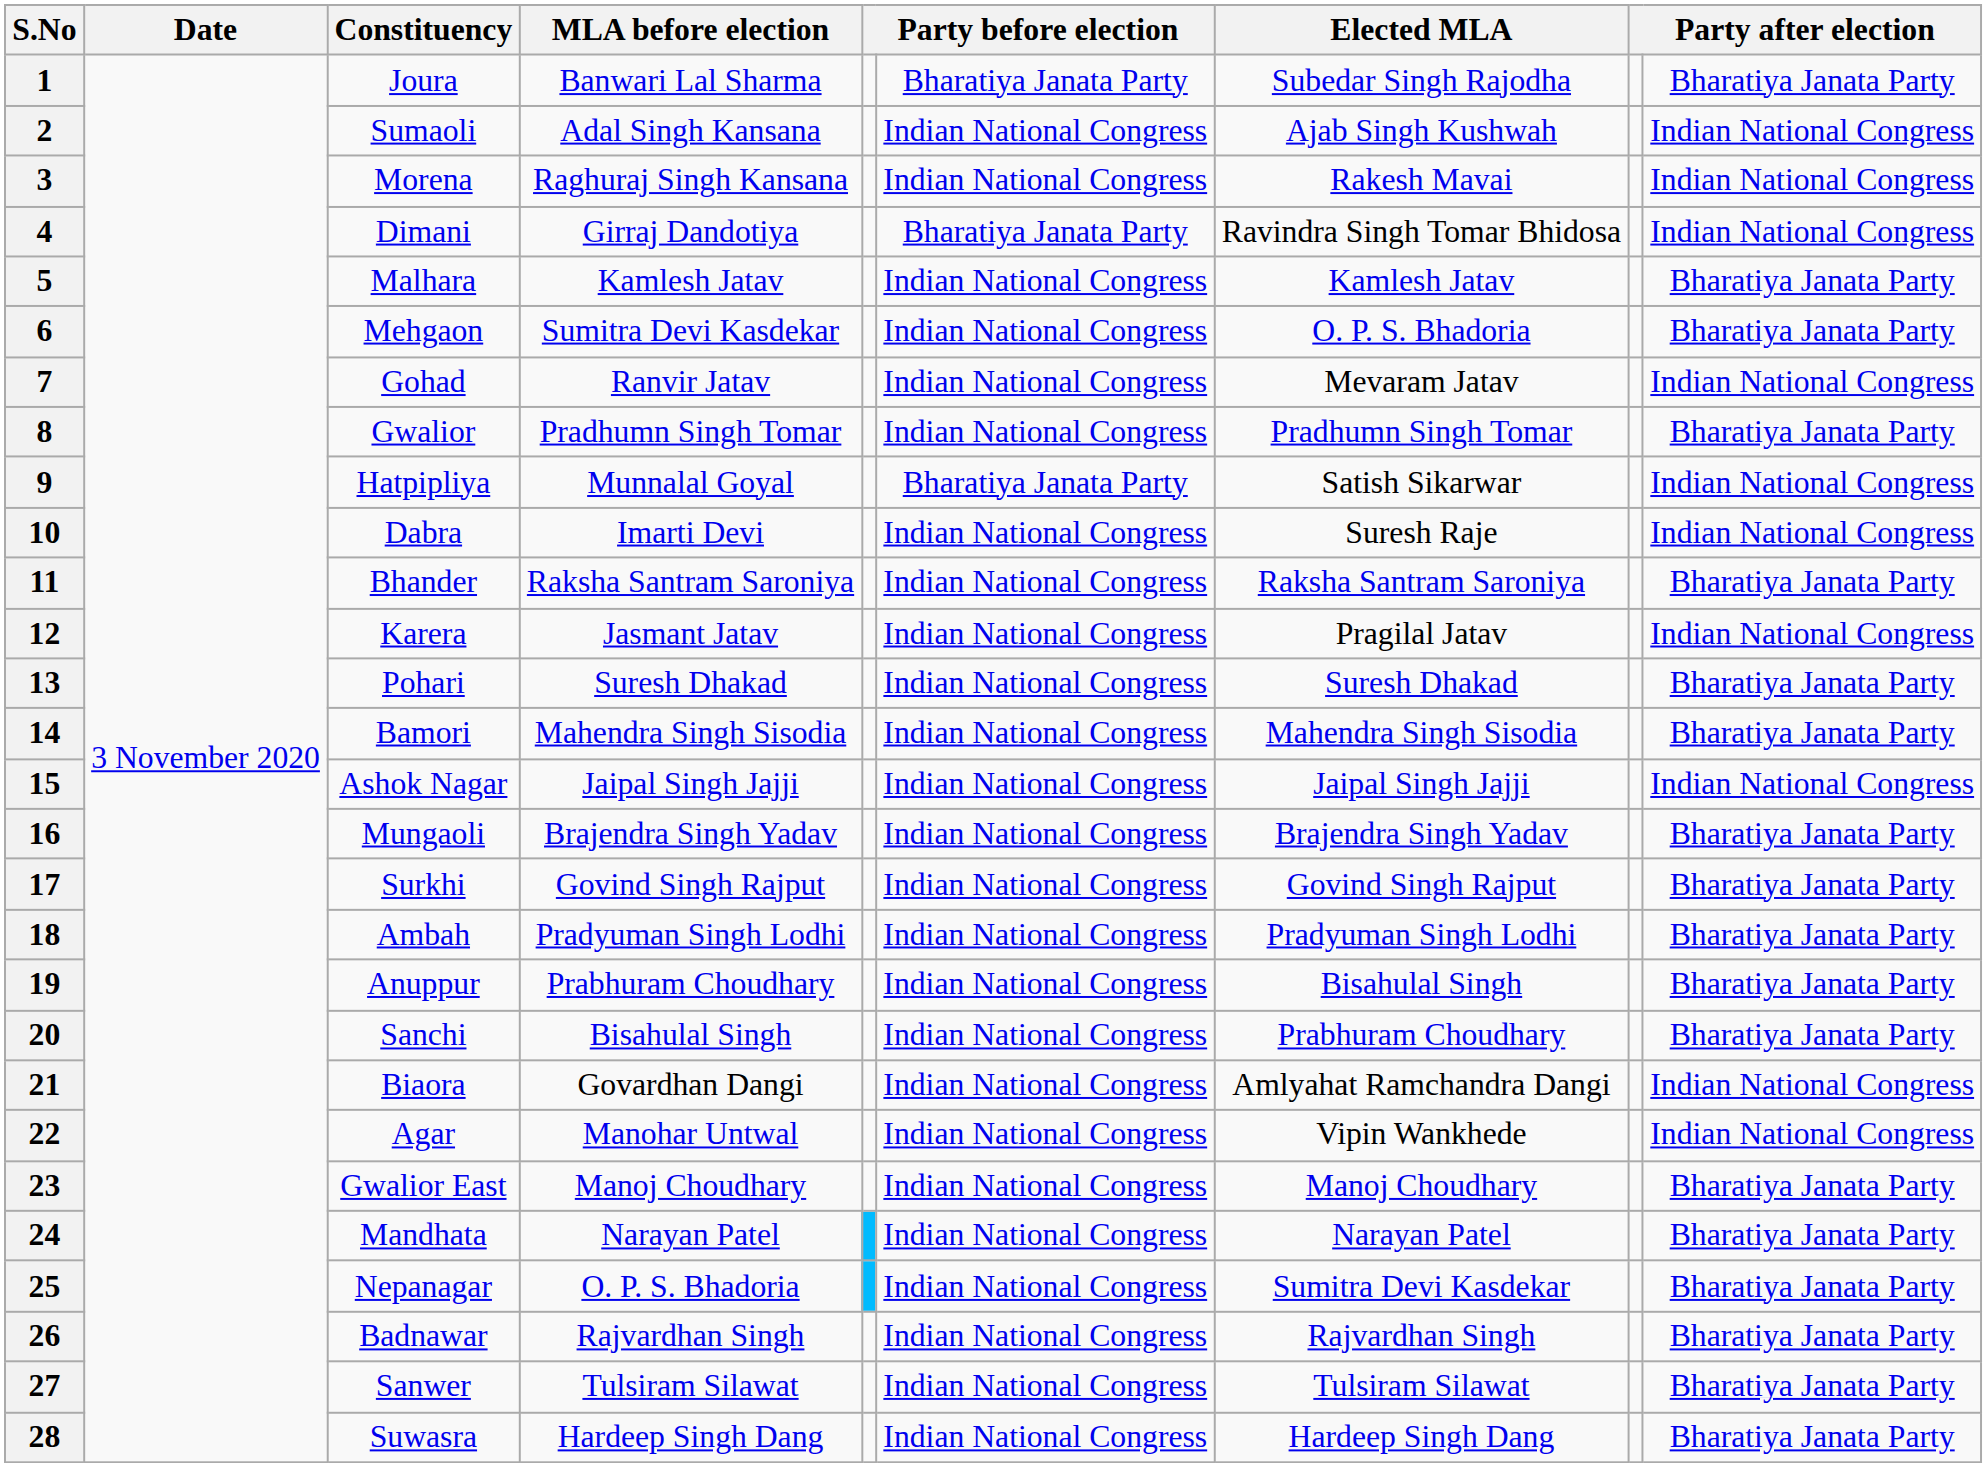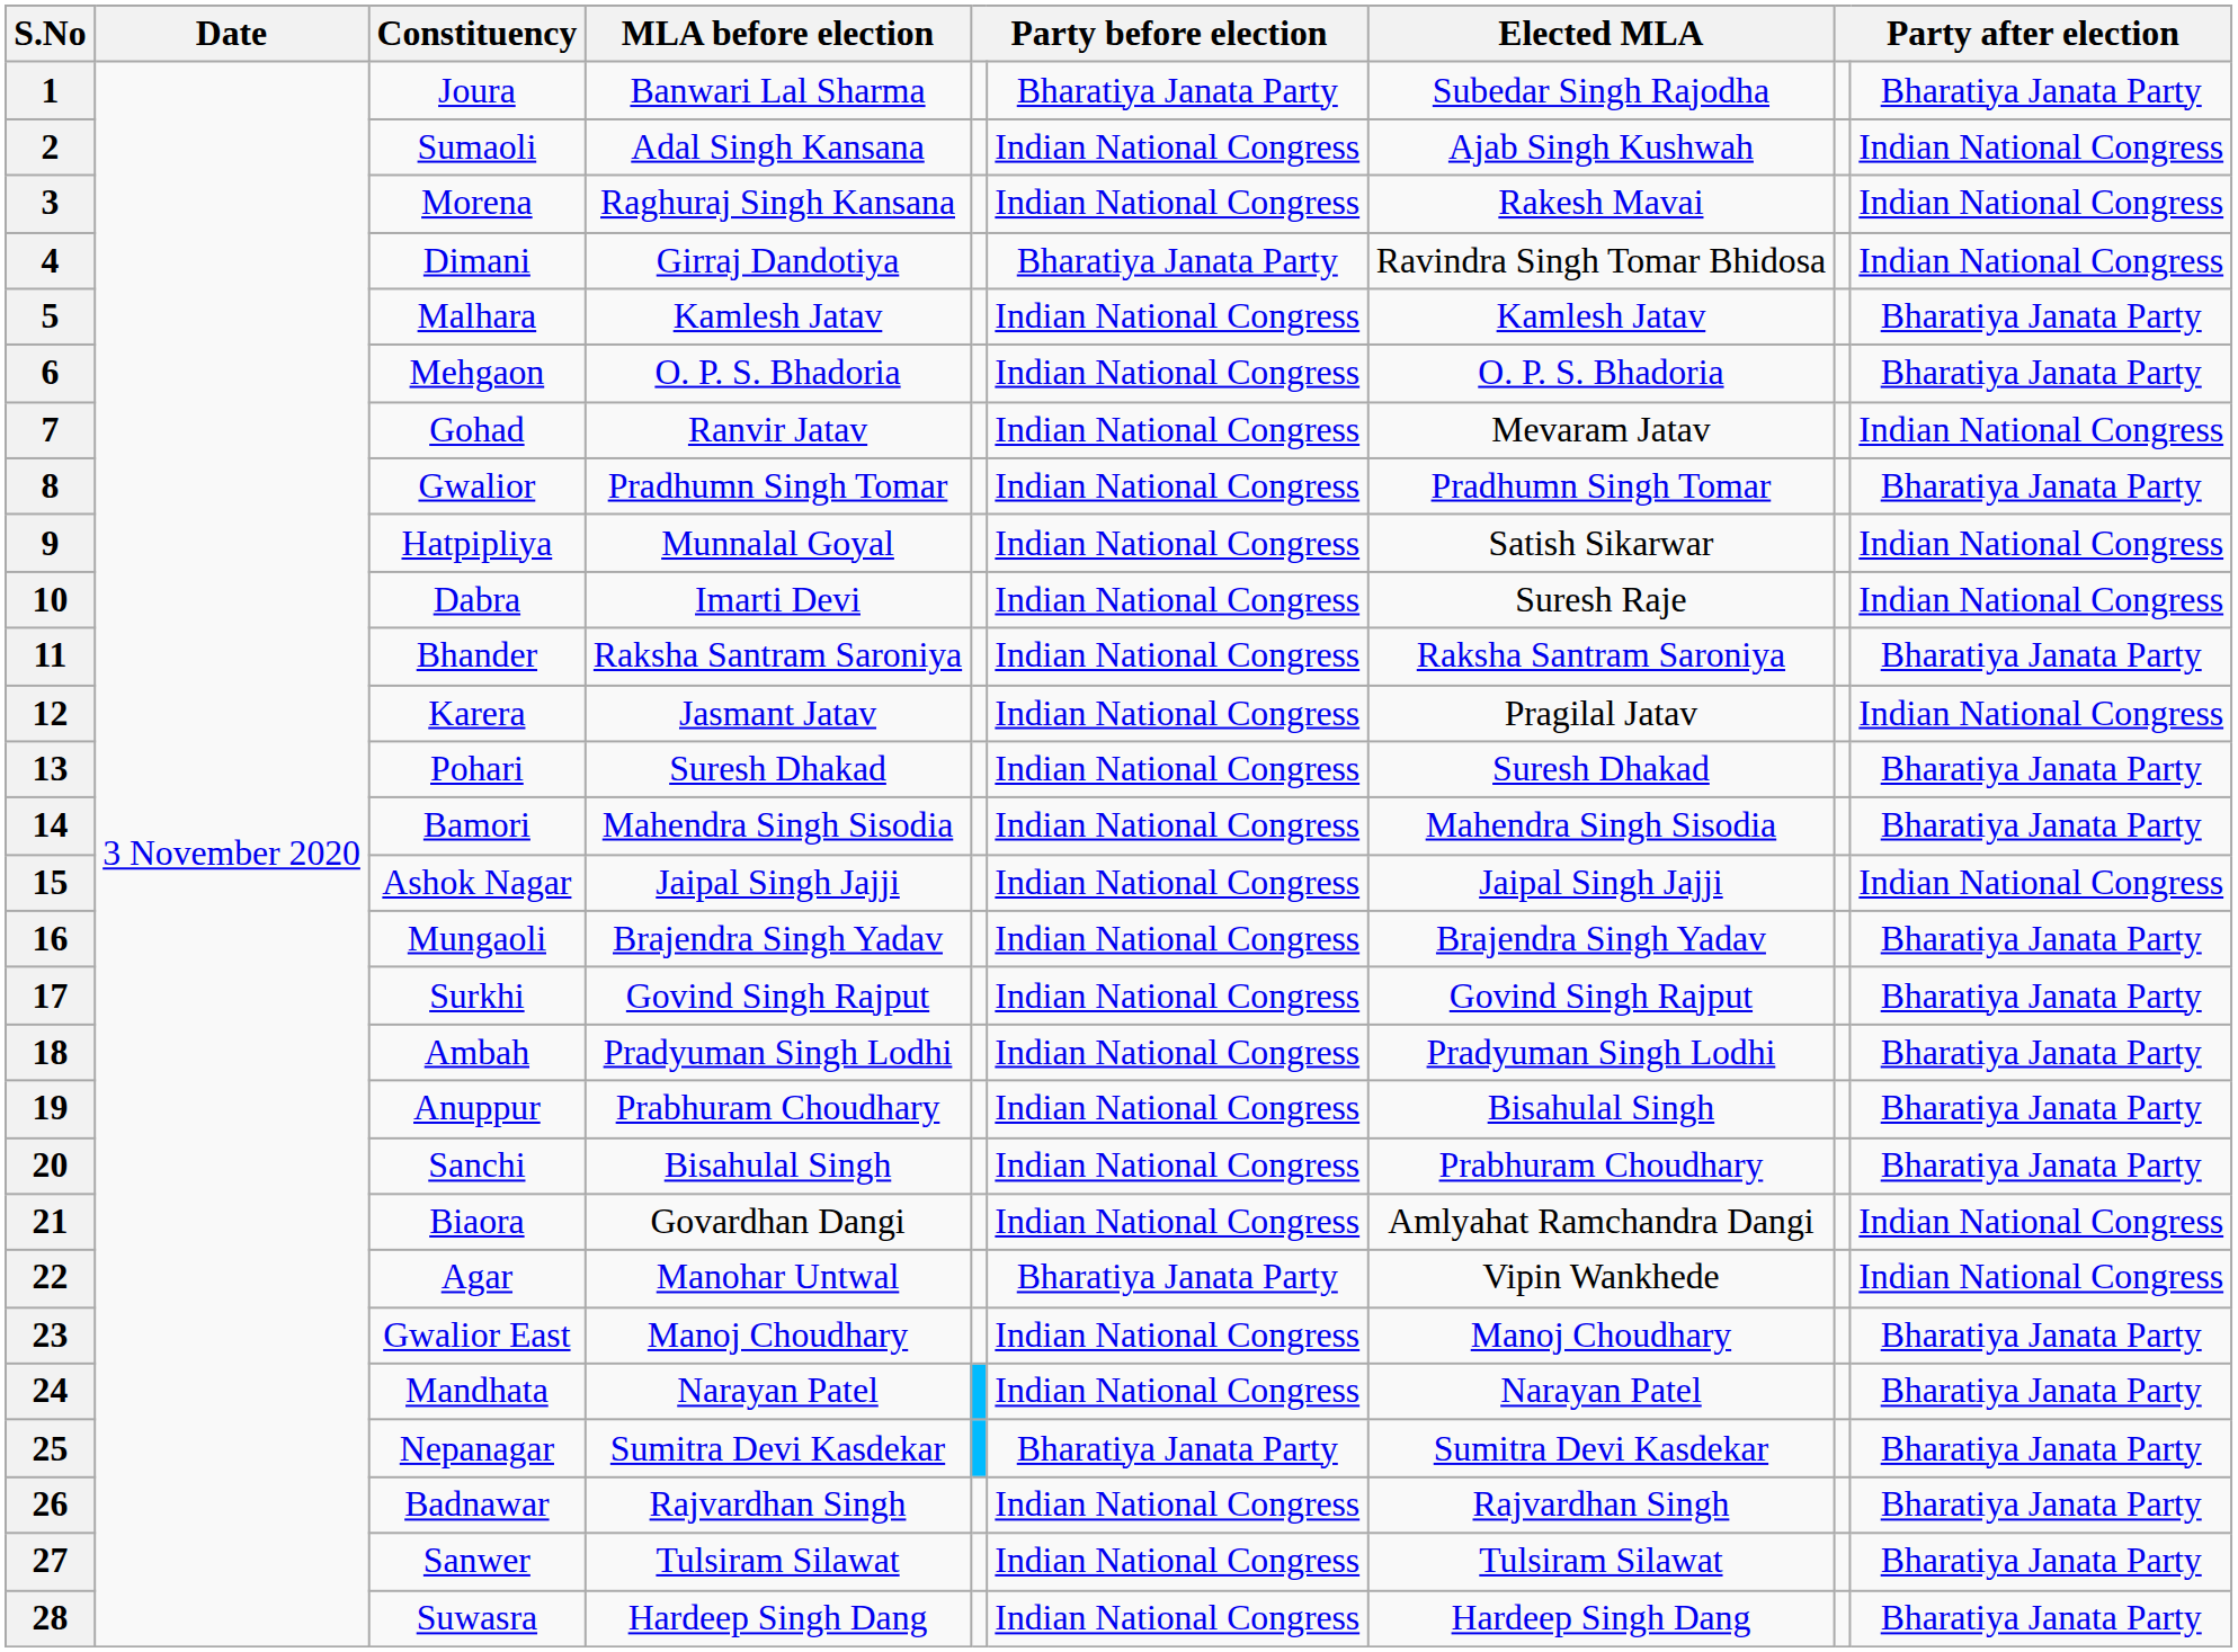 <table class="wikitable sortable" style="text-align:center;">
 <tr>
 <th>S.No</th>
 <th>Date</th>
 <th>Constituency</th>
 <th>MLA before election</th>
 <th colspan="2">Party before election</th>
 <th>Elected MLA</th>
 <th colspan="2">Party after election</th>
 </tr>
 <tr>
 <th>1</th>
 <td rowspan="28"><a href='#'>3 November 2020</a></td>
 <td><a href='#'>Joura</a></td>
 <td><a href='#'>Banwari Lal Sharma</a></td>
 <td></td>
 <td><a href='#'>Bharatiya Janata Party</a></td>
 <td><a href='#'>Subedar Singh Rajodha</a></td>
 <td></td>
 <td><a href='#'>Bharatiya Janata Party</a></td>
 </tr>
 <tr>
 <th>2</th>
 <td><a href='#'>Sumaoli</a></td>
 <td><a href='#'>Adal Singh Kansana</a></td>
 <td></td>
 <td><a href='#'>Indian National Congress</a></td>
 <td><a href='#'>Ajab Singh Kushwah</a></td>
 <td></td>
 <td><a href='#'>Indian National Congress</a></td>
 </tr>
 <tr>
 <th>3</th>
 <td><a href='#'>Morena</a></td>
 <td><a href='#'>Raghuraj Singh Kansana</a></td>
 <td></td>
 <td><a href='#'>Indian National Congress</a></td>
 <td><a href='#'>Rakesh Mavai</a></td>
 <td></td>
 <td><a href='#'>Indian National Congress</a></td>
 </tr>
 <tr>
 <th>4</th>
 <td><a href='#'>Dimani</a></td>
 <td><a href='#'>Girraj Dandotiya</a></td>
 <td></td>
 <td><a href='#'>Bharatiya Janata Party</a></td>
 <td>Ravindra Singh Tomar Bhidosa</td>
 <td></td>
 <td><a href='#'>Indian National Congress</a></td>
 </tr>
 <tr>
 <th>5</th>
 <td><a href='#'>Malhara</a></td>
 <td><a href='#'>Kamlesh Jatav</a></td>
 <td></td>
 <td><a href='#'>Indian National Congress</a></td>
 <td><a href='#'>Kamlesh Jatav</a></td>
 <td></td>
 <td><a href='#'>Bharatiya Janata Party</a></td>
 </tr>
 <tr>
 <th>6</th>
 <td><a href='#'>Mehgaon</a></td>
-<td><a href='#'>Sumitra Devi Kasdekar</a></td>
+<td><a href='#'>O. P. S. Bhadoria</a></td>
 <td></td>
 <td><a href='#'>Indian National Congress</a></td>
 <td><a href='#'>O. P. S. Bhadoria</a></td>
 <td></td>
 <td><a href='#'>Bharatiya Janata Party</a></td>
 </tr>
 <tr>
 <th>7</th>
 <td><a href='#'>Gohad</a></td>
 <td><a href='#'>Ranvir Jatav</a></td>
 <td></td>
 <td><a href='#'>Indian National Congress</a></td>
 <td>Mevaram Jatav</td>
 <td></td>
 <td><a href='#'>Indian National Congress</a></td>
 </tr>
 <tr>
 <th>8</th>
 <td><a href='#'>Gwalior</a></td>
 <td><a href='#'>Pradhumn Singh Tomar</a></td>
 <td></td>
 <td><a href='#'>Indian National Congress</a></td>
 <td><a href='#'>Pradhumn Singh Tomar</a></td>
 <td></td>
 <td><a href='#'>Bharatiya Janata Party</a></td>
 </tr>
 <tr>
 <th>9</th>
 <td><a href='#'>Hatpipliya</a></td>
 <td><a href='#'>Munnalal Goyal</a></td>
 <td></td>
-<td><a href='#'>Bharatiya Janata Party</a></td>
+<td><a href='#'>Indian National Congress</a></td>
 <td>Satish Sikarwar</td>
 <td></td>
 <td><a href='#'>Indian National Congress</a></td>
 </tr>
 <tr>
 <th>10</th>
 <td><a href='#'>Dabra</a></td>
 <td><a href='#'>Imarti Devi</a></td>
 <td></td>
 <td><a href='#'>Indian National Congress</a></td>
 <td>Suresh Raje</td>
 <td></td>
 <td><a href='#'>Indian National Congress</a></td>
 </tr>
 <tr>
 <th>11</th>
 <td><a href='#'>Bhander</a></td>
 <td><a href='#'>Raksha Santram Saroniya</a></td>
 <td></td>
 <td><a href='#'>Indian National Congress</a></td>
 <td><a href='#'>Raksha Santram Saroniya</a></td>
 <td></td>
 <td><a href='#'>Bharatiya Janata Party</a></td>
 </tr>
 <tr>
 <th>12</th>
 <td><a href='#'>Karera</a></td>
 <td><a href='#'>Jasmant Jatav</a></td>
 <td></td>
 <td><a href='#'>Indian National Congress</a></td>
 <td>Pragilal Jatav</td>
 <td></td>
 <td><a href='#'>Indian National Congress</a></td>
 </tr>
 <tr>
 <th>13</th>
 <td><a href='#'>Pohari</a></td>
 <td><a href='#'>Suresh Dhakad</a></td>
 <td></td>
 <td><a href='#'>Indian National Congress</a></td>
 <td><a href='#'>Suresh Dhakad</a></td>
 <td></td>
 <td><a href='#'>Bharatiya Janata Party</a></td>
 </tr>
 <tr>
 <th>14</th>
 <td><a href='#'>Bamori</a></td>
 <td><a href='#'>Mahendra Singh Sisodia</a></td>
 <td></td>
 <td><a href='#'>Indian National Congress</a></td>
 <td><a href='#'>Mahendra Singh Sisodia</a></td>
 <td></td>
 <td><a href='#'>Bharatiya Janata Party</a></td>
 </tr>
 <tr>
 <th>15</th>
 <td><a href='#'>Ashok Nagar</a></td>
 <td><a href='#'>Jaipal Singh Jajji</a></td>
 <td></td>
 <td><a href='#'>Indian National Congress</a></td>
 <td><a href='#'>Jaipal Singh Jajji</a></td>
 <td></td>
 <td><a href='#'>Indian National Congress</a></td>
 </tr>
 <tr>
 <th>16</th>
 <td><a href='#'>Mungaoli</a></td>
 <td><a href='#'>Brajendra Singh Yadav</a></td>
 <td></td>
 <td><a href='#'>Indian National Congress</a></td>
 <td><a href='#'>Brajendra Singh Yadav</a></td>
 <td></td>
 <td><a href='#'>Bharatiya Janata Party</a></td>
 </tr>
 <tr>
 <th>17</th>
 <td><a href='#'>Surkhi</a></td>
 <td><a href='#'>Govind Singh Rajput</a></td>
 <td></td>
 <td><a href='#'>Indian National Congress</a></td>
 <td><a href='#'>Govind Singh Rajput</a></td>
 <td></td>
 <td><a href='#'>Bharatiya Janata Party</a></td>
 </tr>
 <tr>
 <th>18</th>
 <td><a href='#'>Ambah</a></td>
 <td><a href='#'>Pradyuman Singh Lodhi</a></td>
 <td></td>
 <td><a href='#'>Indian National Congress</a></td>
 <td><a href='#'>Pradyuman Singh Lodhi</a></td>
 <td></td>
 <td><a href='#'>Bharatiya Janata Party</a></td>
 </tr>
 <tr>
 <th>19</th>
 <td><a href='#'>Anuppur</a></td>
 <td><a href='#'>Prabhuram Choudhary</a></td>
 <td></td>
 <td><a href='#'>Indian National Congress</a></td>
 <td><a href='#'>Bisahulal Singh</a></td>
 <td></td>
 <td><a href='#'>Bharatiya Janata Party</a></td>
 </tr>
 <tr>
 <th>20</th>
 <td><a href='#'>Sanchi</a></td>
 <td><a href='#'>Bisahulal Singh</a></td>
 <td></td>
 <td><a href='#'>Indian National Congress</a></td>
 <td><a href='#'>Prabhuram Choudhary</a></td>
 <td></td>
 <td><a href='#'>Bharatiya Janata Party</a></td>
 </tr>
 <tr>
 <th>21</th>
 <td><a href='#'>Biaora</a></td>
 <td>Govardhan Dangi</td>
 <td></td>
 <td><a href='#'>Indian National Congress</a></td>
 <td>Amlyahat Ramchandra Dangi</td>
 <td></td>
 <td><a href='#'>Indian National Congress</a></td>
 </tr>
 <tr>
 <th>22</th>
 <td><a href='#'>Agar</a></td>
 <td><a href='#'>Manohar Untwal</a></td>
 <td></td>
-<td><a href='#'>Indian National Congress</a></td>
+<td><a href='#'>Bharatiya Janata Party</a></td>
 <td>Vipin Wankhede</td>
 <td></td>
 <td><a href='#'>Indian National Congress</a></td>
 </tr>
 <tr>
 <th>23</th>
 <td><a href='#'>Gwalior East</a></td>
 <td><a href='#'>Manoj Choudhary</a></td>
 <td></td>
 <td><a href='#'>Indian National Congress</a></td>
 <td><a href='#'>Manoj Choudhary</a></td>
 <td></td>
 <td><a href='#'>Bharatiya Janata Party</a></td>
 </tr>
 <tr>
 <th>24</th>
 <td><a href='#'>Mandhata</a></td>
 <td><a href='#'>Narayan Patel</a></td>
 <td bgcolor=#00BBFF></td>
 <td><a href='#'>Indian National Congress</a></td>
 <td><a href='#'>Narayan Patel</a></td>
 <td></td>
 <td><a href='#'>Bharatiya Janata Party</a></td>
 </tr>
 <tr>
 <th>25</th>
 <td><a href='#'>Nepanagar</a></td>
-<td><a href='#'>O. P. S. Bhadoria</a></td>
+<td><a href='#'>Sumitra Devi Kasdekar</a></td>
 <td bgcolor=#00BBFF></td>
-<td><a href='#'>Indian National Congress</a></td>
+<td><a href='#'>Bharatiya Janata Party</a></td>
 <td><a href='#'>Sumitra Devi Kasdekar</a></td>
 <td></td>
 <td><a href='#'>Bharatiya Janata Party</a></td>
 </tr>
 <tr>
 <th>26</th>
 <td><a href='#'>Badnawar</a></td>
 <td><a href='#'>Rajvardhan Singh</a></td>
 <td></td>
 <td><a href='#'>Indian National Congress</a></td>
 <td><a href='#'>Rajvardhan Singh</a></td>
 <td></td>
 <td><a href='#'>Bharatiya Janata Party</a></td>
 </tr>
 <tr>
 <th>27</th>
 <td><a href='#'>Sanwer</a></td>
 <td><a href='#'>Tulsiram Silawat</a></td>
 <td></td>
 <td><a href='#'>Indian National Congress</a></td>
 <td><a href='#'>Tulsiram Silawat</a></td>
 <td></td>
 <td><a href='#'>Bharatiya Janata Party</a></td>
 </tr>
 <tr>
 <th>28</th>
 <td><a href='#'>Suwasra</a></td>
 <td><a href='#'>Hardeep Singh Dang</a></td>
 <td></td>
 <td><a href='#'>Indian National Congress</a></td>
 <td><a href='#'>Hardeep Singh Dang</a></td>
 <td></td>
 <td><a href='#'>Bharatiya Janata Party</a></td>
 </tr>
 </table>
